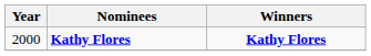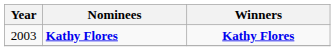 <table class="wikitable">
 <tr>
 <th width=40 align=center>Year</th>
 <th width=170>Nominees</th>
 <th width=170>Winners</th>
 </tr>
 <tr>
-<td align=center>2000</td>
+<td align=center>2003</td>
 <td><strong><a href='#'>Kathy Flores</a></strong></td>
 <td align=center><strong><a href='#'>Kathy Flores</a></strong></td>
 </tr>
 <tr>
 </tr>
 </table>
